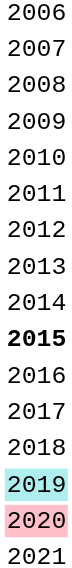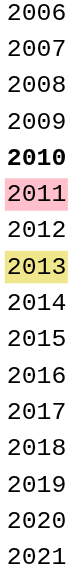 <table>
 <tr>
 <td>2006<br></td>
 <td></td>
 <td></td>
 <td></td>
 <td></td>
 </tr>
 <tr>
 <td>2007<br></td>
 <td></td>
 <td></td>
 <td></td>
 <td></td>
 </tr>
 <tr>
 <td>2008<br></td>
 <td></td>
 <td></td>
 <td></td>
 <td></td>
 </tr>
 <tr>
 <td>2009<br></td>
 <td></td>
 <td></td>
 <td></td>
 <td></td>
 </tr>
 <tr>
-<td>2010<br></td>
+<td><strong>2010<br></strong></td>
 <td></td>
 <td></td>
 <td></td>
 <td></td>
 </tr>
 <tr>
-<td>2011<br></td>
+<td style="background: pink;">2011<br></td>
 <td></td>
 <td></td>
 <td></td>
 <td></td>
 </tr>
 <tr>
 <td>2012<br></td>
 <td></td>
 <td></td>
 <td></td>
 <td></td>
 </tr>
 <tr>
-<td>2013<br></td>
+<td style="background: khaki;">2013<br></td>
 <td></td>
 <td></td>
 <td></td>
 <td></td>
 </tr>
 <tr>
 <td>2014<br></td>
 <td></td>
 <td></td>
 <td></td>
 <td></td>
 </tr>
 <tr>
-<td><strong>2015<br></strong></td>
+<td>2015<br></td>
 <td></td>
 <td></td>
 <td></td>
 <td></td>
 </tr>
 <tr>
 <td>2016<br></td>
 <td></td>
 <td></td>
 <td></td>
 <td></td>
 </tr>
 <tr>
 <td>2017<br></td>
 <td></td>
 <td></td>
 <td></td>
 <td></td>
 </tr>
 <tr>
 <td>2018<br></td>
 <td></td>
 <td></td>
 <td></td>
 <td></td>
 </tr>
 <tr>
-<td style="background: paleturquoise;">2019<br></td>
+<td>2019<br></td>
 <td></td>
 <td></td>
 <td></td>
 <td></td>
 </tr>
 <tr>
-<td style="background: pink;">2020<br></td>
+<td>2020<br></td>
 <td></td>
 <td></td>
 <td></td>
 <td></td>
 </tr>
 <tr>
 <td>2021<br></td>
 <td></td>
 <td></td>
 <td></td>
 <td></td>
 </tr>
 </table>
